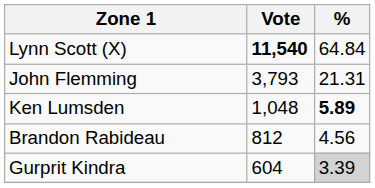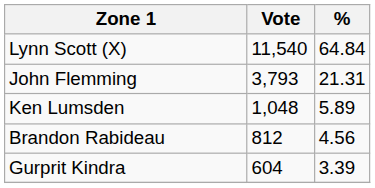 <table class="wikitable">
 <tr>
 <th bgcolor="#DDDDFF" width="200px">Zone 1</th>
 <th bgcolor="#DDDDFF" width="50px">Vote</th>
 <th bgcolor="#DDDDFF" width="30px">%</th>
 </tr>
 <tr>
 <td>Lynn Scott (X)</td>
-<td><strong>11,540</strong></td>
+<td>11,540</td>
 <td>64.84</td>
 </tr>
 <tr>
 <td>John Flemming</td>
 <td>3,793</td>
 <td>21.31</td>
 </tr>
 <tr>
 <td>Ken Lumsden</td>
 <td>1,048</td>
-<td><strong>5.89</strong></td>
+<td>5.89</td>
 </tr>
 <tr>
 <td>Brandon Rabideau</td>
 <td>812</td>
 <td>4.56</td>
 </tr>
 <tr>
 <td>Gurprit Kindra</td>
 <td>604</td>
-<td style="background: lightgrey;">3.39</td>
+<td>3.39</td>
 </tr>
 <tr>
 </tr>
 </table>
